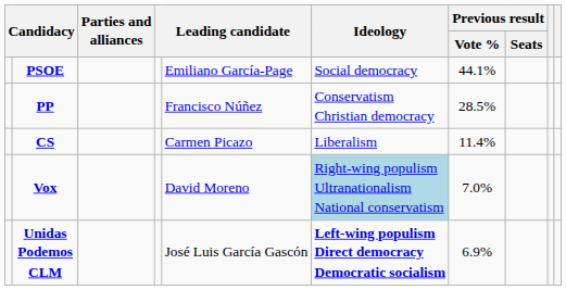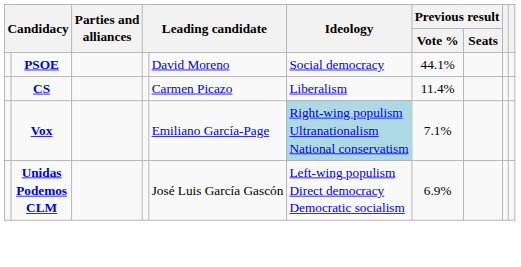 <table class="wikitable" style="line-height:1.35em; text-align:left;">
 <tr>
 <th colspan="2" rowspan="2">Candidacy</th>
 <th rowspan="2">Parties and<br>alliances</th>
 <th colspan="2" rowspan="2">Leading candidate</th>
 <th rowspan="2">Ideology</th>
 <th colspan="2">Previous result</th>
 <th rowspan="2"></th>
 <th rowspan="2"></th>
 </tr>
 <tr>
 <th>Vote %</th>
 <th>Seats</th>
 </tr>
 <tr>
 <td width="1" style="color:inherit;background:"></td>
 <td align="center"><strong><a href='#'>PSOE</a></strong></td>
 <td></td>
 <td></td>
-<td><a href='#'>Emiliano García-Page</a></td>
+<td><a href='#'>David Moreno</a></td>
 <td><a href='#'>Social democracy</a></td>
 <td align="center">44.1%</td>
-<td></td>
-<td></td>
-<td></td>
-</tr>
-<tr>
-<td style="color:inherit;background:"></td>
-<td align="center"><strong><a href='#'>PP</a></strong></td>
-<td></td>
-<td></td>
-<td><a href='#'>Francisco Núñez</a></td>
-<td><a href='#'>Conservatism</a><br><a href='#'>Christian democracy</a></td>
-<td align="center">28.5%</td>
 <td></td>
 <td></td>
 <td></td>
 </tr>
 <tr>
 <td style="color:inherit;background:"></td>
 <td align="center"><strong><a href='#'>CS</a></strong></td>
 <td></td>
 <td></td>
 <td><a href='#'>Carmen Picazo</a></td>
 <td><a href='#'>Liberalism</a></td>
 <td align="center">11.4%</td>
 <td></td>
 <td></td>
 <td></td>
 </tr>
 <tr>
 <td style="color:inherit;background:"></td>
 <td align="center"><strong><a href='#'>Vox</a></strong></td>
 <td></td>
 <td></td>
-<td><a href='#'>David Moreno</a></td>
+<td><a href='#'>Emiliano García-Page</a></td>
 <td style="background: lightblue;"><a href='#'>Right-wing populism</a><br><a href='#'>Ultranationalism</a><br><a href='#'>National conservatism</a></td>
-<td align="center">7.0%</td>
+<td align="center">7.1%</td>
 <td></td>
 <td></td>
 <td></td>
 </tr>
 <tr>
 <td style="color:inherit;background:"></td>
 <td align="center"><strong><a href='#'>Unidas<br>Podemos<br>CLM</a></strong></td>
 <td></td>
 <td></td>
 <td>José Luis García Gascón</td>
-<td><strong><a href='#'>Left-wing populism</a><br><a href='#'>Direct democracy</a><br><a href='#'>Democratic socialism</a></strong></td>
+<td><a href='#'>Left-wing populism</a><br><a href='#'>Direct democracy</a><br><a href='#'>Democratic socialism</a></td>
 <td align="center">6.9%</td>
 <td></td>
 <td></td>
 <td><br></td>
 </tr>
 </table>
